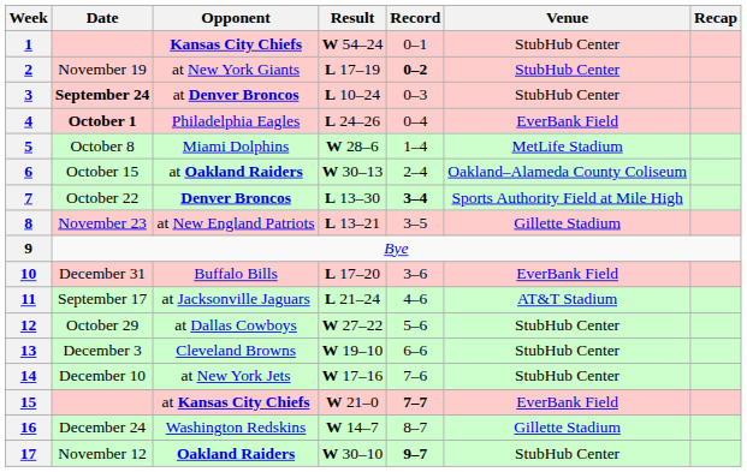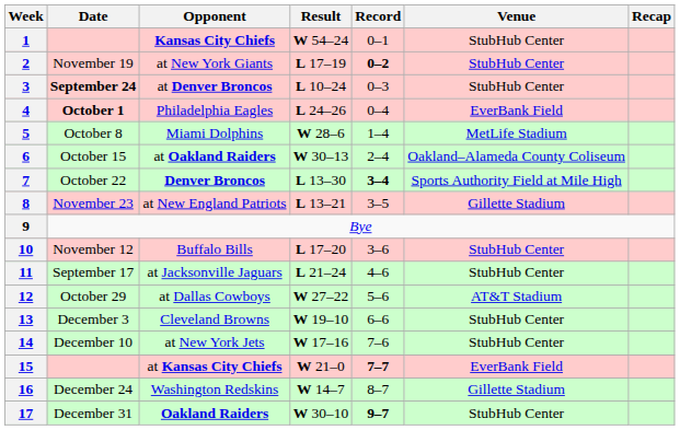 <table class="wikitable" style="text-align:center">
 <tr>
 <th>Week</th>
 <th>Date</th>
 <th>Opponent</th>
 <th>Result</th>
 <th>Record</th>
 <th>Venue</th>
 <th>Recap</th>
 </tr>
 <tr style="background:#fcc">
 <th><a href='#'>1</a></th>
 <td></td>
 <td><strong><a href='#'>Kansas City Chiefs</a></strong></td>
 <td><strong>W</strong> 54–24</td>
 <td>0–1</td>
 <td>StubHub Center</td>
 <td></td>
 </tr>
 <tr style="background:#fcc">
 <th><a href='#'>2</a></th>
 <td>November 19</td>
 <td>at <a href='#'>New York Giants</a></td>
 <td><strong>L</strong> 17–19</td>
 <td><strong>0–2</strong></td>
 <td><a href='#'>StubHub Center</a></td>
 <td></td>
 </tr>
 <tr style="background:#fcc">
 <th><a href='#'>3</a></th>
 <td><strong>September 24</strong></td>
 <td>at <strong><a href='#'>Denver Broncos</a></strong></td>
 <td><strong>L</strong> 10–24</td>
 <td>0–3</td>
 <td>StubHub Center</td>
 <td></td>
 </tr>
 <tr style="background:#fcc">
 <th><a href='#'>4</a></th>
 <td><strong>October 1</strong></td>
 <td><a href='#'>Philadelphia Eagles</a></td>
 <td><strong>L</strong> 24–26</td>
 <td>0–4</td>
 <td><a href='#'>EverBank Field</a></td>
 <td></td>
 </tr>
 <tr style="background:#cfc">
 <th><a href='#'>5</a></th>
 <td>October 8</td>
 <td><a href='#'>Miami Dolphins</a></td>
 <td><strong>W</strong> 28–6</td>
 <td>1–4</td>
 <td><a href='#'>MetLife Stadium</a></td>
 <td></td>
 </tr>
 <tr style="background:#cfc">
 <th><a href='#'>6</a></th>
 <td>October 15</td>
 <td>at <strong><a href='#'>Oakland Raiders</a></strong></td>
 <td><strong>W</strong> 30–13</td>
 <td>2–4</td>
 <td><a href='#'>Oakland–Alameda County Coliseum</a></td>
 <td></td>
 </tr>
 <tr style="background:#cfc">
 <th><a href='#'>7</a></th>
 <td>October 22</td>
 <td><strong><a href='#'>Denver Broncos</a></strong></td>
 <td><strong>L</strong> 13–30</td>
 <td><strong>3–4</strong></td>
 <td><a href='#'>Sports Authority Field at Mile High</a></td>
 <td></td>
 </tr>
 <tr style="background:#fcc">
 <th><a href='#'>8</a></th>
 <td><a href='#'>November 23</a></td>
 <td>at <a href='#'>New England Patriots</a></td>
 <td><strong>L</strong> 13–21</td>
 <td>3–5</td>
 <td><a href='#'>Gillette Stadium</a></td>
 <td></td>
 </tr>
 <tr>
 <th>9</th>
 <td colspan="6"><em><a href='#'>Bye</a></em></td>
 </tr>
 <tr style="background:#fcc">
 <th><a href='#'>10</a></th>
-<td>December 31</td>
+<td>November 12</td>
 <td><a href='#'>Buffalo Bills</a></td>
 <td><strong>L</strong> 17–20 </td>
 <td>3–6</td>
-<td><a href='#'>EverBank Field</a></td>
+<td><a href='#'>StubHub Center</a></td>
 <td></td>
 </tr>
 <tr style="background:#cfc">
 <th><a href='#'>11</a></th>
 <td>September 17</td>
 <td>at <a href='#'>Jacksonville Jaguars</a></td>
 <td><strong>L</strong> 21–24</td>
 <td>4–6</td>
-<td><a href='#'>AT&T Stadium</a></td>
+<td>StubHub Center</td>
 <td></td>
 </tr>
 <tr style="background:#cfc">
 <th><a href='#'>12</a></th>
 <td>October 29</td>
 <td>at <a href='#'>Dallas Cowboys</a></td>
 <td><strong>W</strong> 27–22</td>
 <td>5–6</td>
-<td>StubHub Center</td>
+<td><a href='#'>AT&T Stadium</a></td>
 <td></td>
 </tr>
 <tr style="background:#cfc">
 <th><a href='#'>13</a></th>
 <td>December 3</td>
 <td><a href='#'>Cleveland Browns</a></td>
 <td><strong>W</strong> 19–10</td>
 <td>6–6</td>
 <td>StubHub Center</td>
 <td></td>
 </tr>
 <tr style="background:#cfc">
 <th><a href='#'>14</a></th>
 <td>December 10</td>
 <td>at <a href='#'>New York Jets</a></td>
 <td><strong>W</strong> 17–16</td>
 <td>7–6</td>
 <td>StubHub Center</td>
 <td></td>
 </tr>
 <tr style="background:#fcc">
 <th><a href='#'>15</a></th>
 <td></td>
 <td>at <strong><a href='#'>Kansas City Chiefs</a></strong></td>
 <td><strong>W</strong> 21–0</td>
 <td><strong>7–7</strong></td>
 <td><a href='#'>EverBank Field</a></td>
 <td></td>
 </tr>
 <tr style="background:#cfc">
 <th><a href='#'>16</a></th>
 <td>December 24</td>
 <td><a href='#'>Washington Redskins</a></td>
 <td><strong>W</strong> 14–7</td>
 <td>8–7</td>
 <td><a href='#'>Gillette Stadium</a></td>
 <td></td>
 </tr>
 <tr style="background:#cfc">
 <th><a href='#'>17</a></th>
-<td>November 12</td>
+<td>December 31</td>
 <td><strong><a href='#'>Oakland Raiders</a></strong></td>
 <td><strong>W</strong> 30–10</td>
 <td><strong>9–7</strong></td>
 <td>StubHub Center</td>
 <td></td>
 </tr>
 </table>
